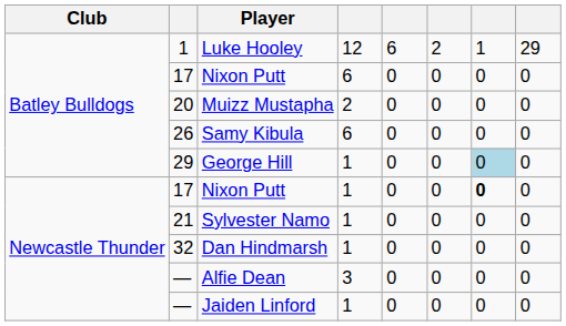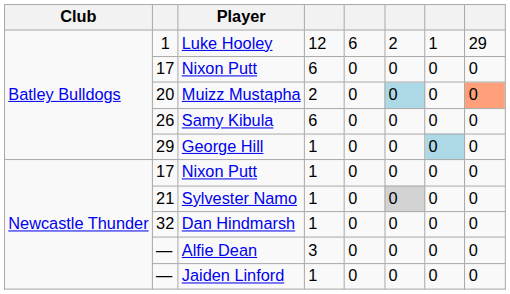 <table class="wikitable defaultcenter col2left">
 <tr>
 <th>Club</th>
 <th></th>
 <th>Player</th>
 <th style="width:2em;"></th>
 <th style="width:2em;"></th>
 <th style="width:2em;"></th>
 <th style="width:2em;"></th>
 <th style="width:2em;"></th>
 </tr>
 <tr>
 <td rowspan="5" style="text-align:left;"> <a href='#'>Batley Bulldogs</a></td>
 <td style="text-align:center;">1</td>
 <td style="text-align:left;"> <a href='#'>Luke Hooley</a></td>
 <td>12</td>
 <td>6</td>
 <td>2</td>
 <td>1</td>
 <td>29</td>
 </tr>
 <tr>
 <td>17</td>
 <td> <a href='#'>Nixon Putt</a></td>
 <td>6</td>
 <td>0</td>
 <td>0</td>
 <td>0</td>
 <td>0</td>
 </tr>
 <tr>
 <td>20</td>
 <td> <a href='#'>Muizz Mustapha</a></td>
 <td>2</td>
 <td>0</td>
+<td style="background: lightblue;">0</td>
 <td>0</td>
-<td>0</td>
-<td>0</td>
+<td style="background: lightsalmon;">0</td>
 </tr>
 <tr>
 <td>26</td>
 <td> <a href='#'>Samy Kibula</a></td>
 <td>6</td>
 <td>0</td>
 <td>0</td>
 <td>0</td>
 <td>0</td>
 </tr>
 <tr>
 <td>29</td>
 <td> <a href='#'>George Hill</a></td>
 <td>1</td>
 <td>0</td>
 <td>0</td>
 <td style="background: lightblue;">0</td>
 <td>0</td>
 </tr>
 <tr>
 <td rowspan="5" style="text-align:left;"> <a href='#'>Newcastle Thunder</a></td>
 <td style="text-align:center;">17</td>
 <td style="text-align:left;"> <a href='#'>Nixon Putt</a></td>
 <td>1</td>
 <td>0</td>
 <td>0</td>
-<td><strong>0</strong></td>
+<td>0</td>
 <td>0</td>
 </tr>
 <tr>
 <td>21</td>
 <td> <a href='#'>Sylvester Namo</a></td>
 <td>1</td>
 <td>0</td>
-<td>0</td>
+<td style="background: lightgrey;">0</td>
 <td>0</td>
 <td>0</td>
 </tr>
 <tr>
 <td>32</td>
 <td> <a href='#'>Dan Hindmarsh</a></td>
 <td>1</td>
 <td>0</td>
 <td>0</td>
 <td>0</td>
 <td>0</td>
 </tr>
 <tr>
 <td>—</td>
 <td> <a href='#'>Alfie Dean</a></td>
 <td>3</td>
 <td>0</td>
 <td>0</td>
 <td>0</td>
 <td>0</td>
 </tr>
 <tr>
 <td>—</td>
 <td> <a href='#'>Jaiden Linford</a></td>
 <td>1</td>
 <td>0</td>
 <td>0</td>
 <td>0</td>
 <td>0</td>
 </tr>
 </table>
